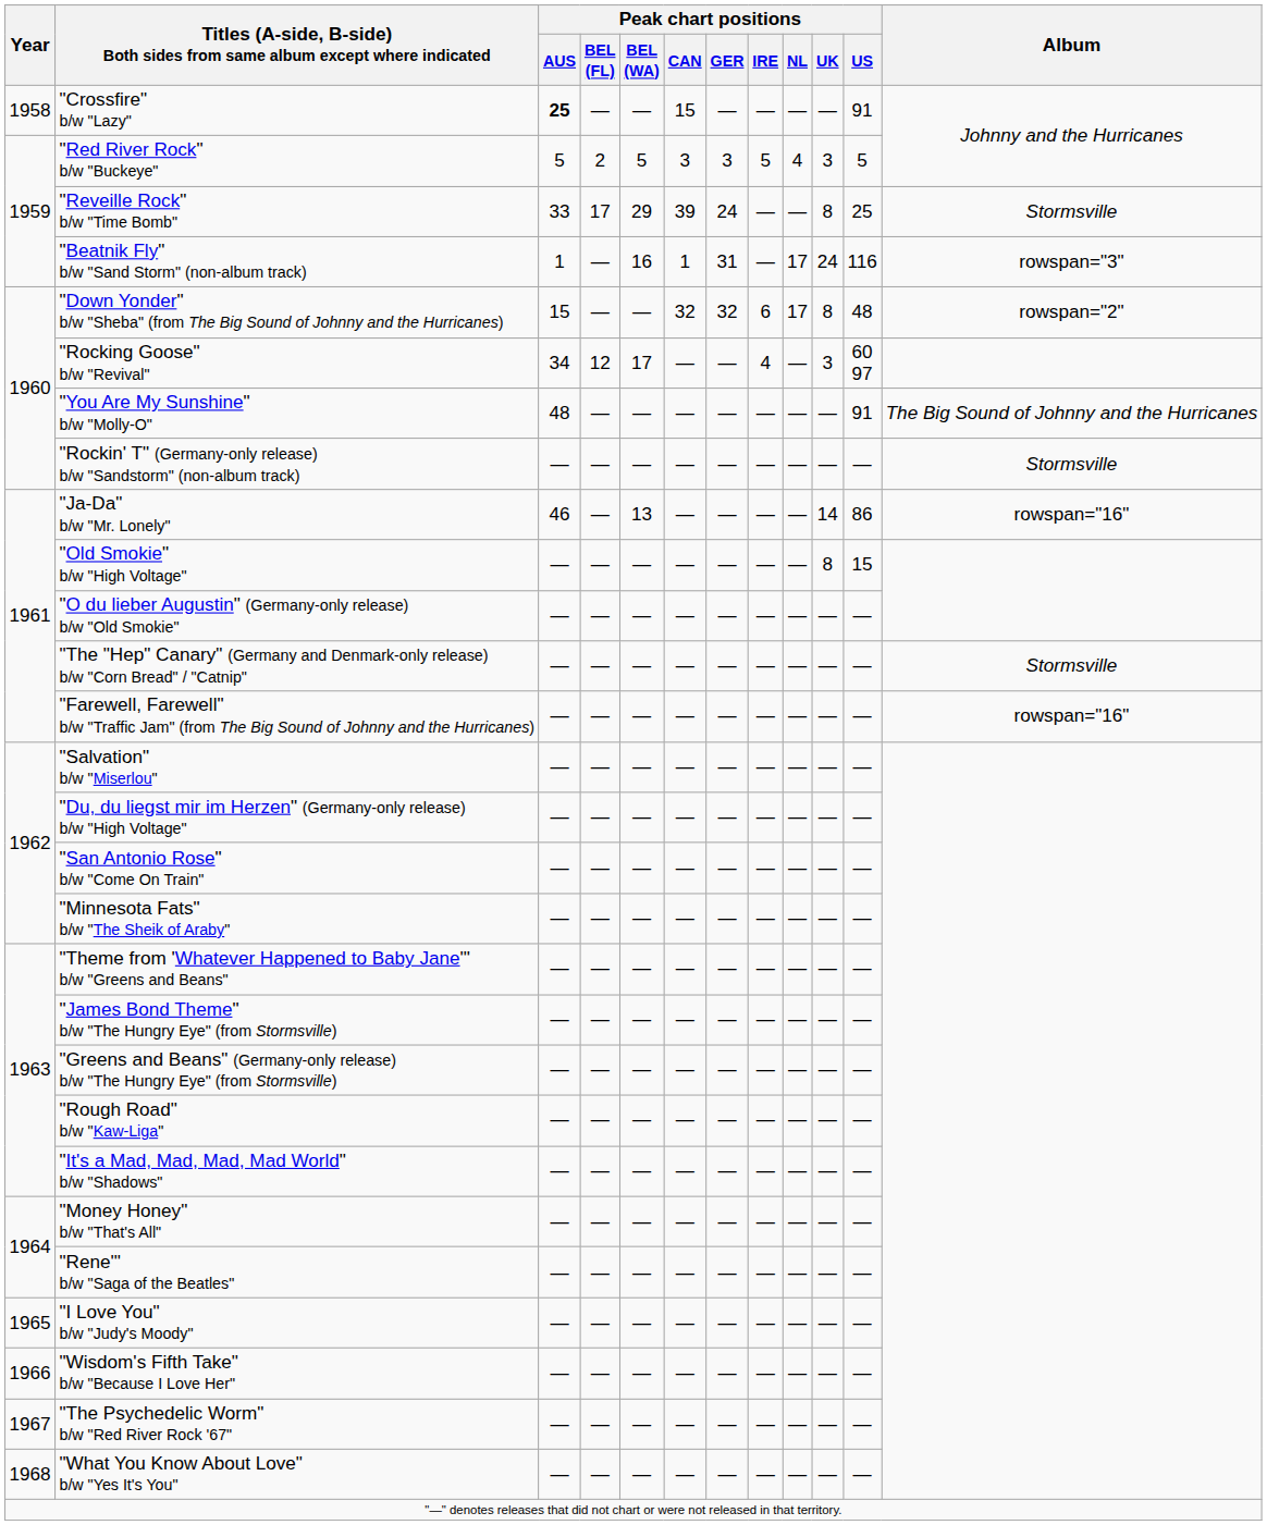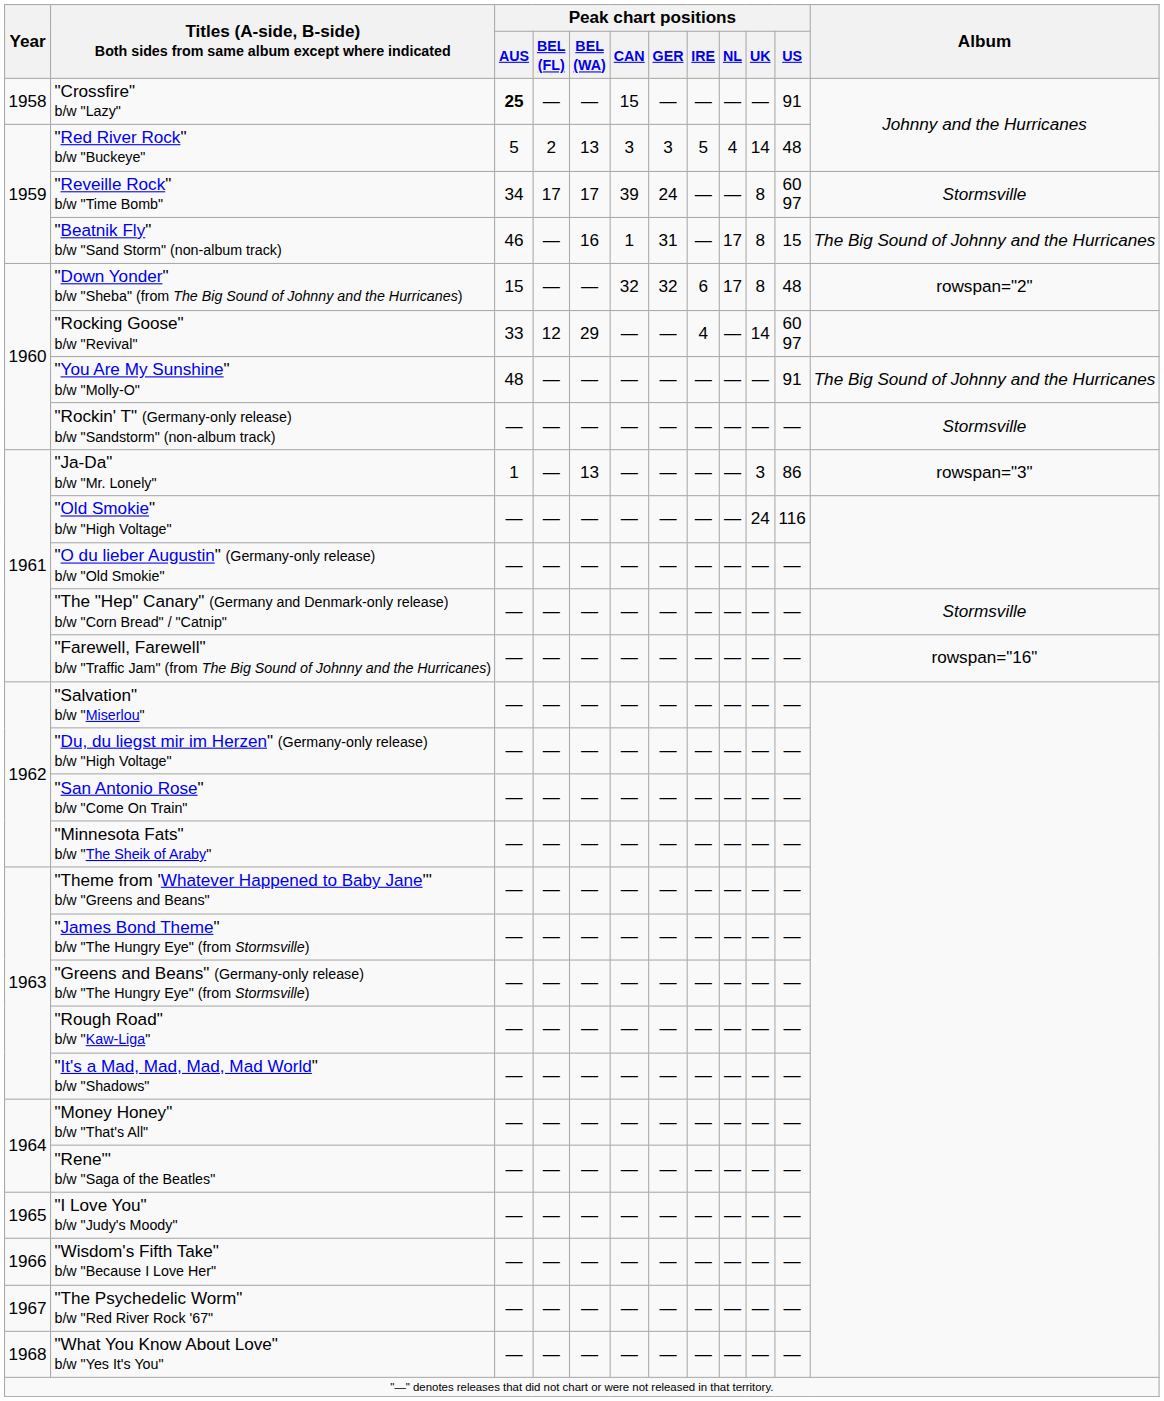 <table class="wikitable" style="text-align:center">
 <tr>
 <th rowspan="2">Year</th>
 <th rowspan="2">Titles (A-side, B-side)<br><small>Both sides from same album except where indicated</small></th>
 <th colspan="9">Peak chart positions</th>
 <th rowspan="2">Album</th>
 </tr>
 <tr>
 <th><small><a href='#'>AUS</a></small><br></th>
 <th><small><a href='#'>BEL<br>(FL)</a></small><br></th>
 <th><small><a href='#'>BEL<br>(WA)</a></small><br></th>
 <th><small><a href='#'>CAN</a></small><br></th>
 <th><small><a href='#'>GER</a></small><br></th>
 <th><small><a href='#'>IRE</a></small><br></th>
 <th><small><a href='#'>NL</a></small><br></th>
 <th><small><a href='#'>UK</a></small><br></th>
 <th><small><a href='#'>US</a></small><br></th>
 </tr>
 <tr>
 <td>1958</td>
 <td align="left">"Crossfire"<br><small>b/w "Lazy"</small></td>
 <td><strong>25</strong></td>
 <td>—</td>
 <td>—</td>
 <td>15</td>
 <td>—</td>
 <td>—</td>
 <td>—</td>
 <td align="center">—</td>
 <td>91</td>
 <td rowspan="2"><em>Johnny and the Hurricanes</em></td>
 </tr>
 <tr>
 <td rowspan="3">1959</td>
 <td align="left">"<a href='#'>Red River Rock</a>"<br><small>b/w "Buckeye"</small></td>
 <td>5</td>
 <td>2</td>
-<td>5</td>
+<td>13</td>
 <td>3</td>
 <td>3</td>
 <td>5</td>
 <td>4</td>
-<td align="center">3</td>
-<td>5</td>
+<td align="center">14</td>
+<td>48</td>
 </tr>
 <tr>
 <td align="left">"<a href='#'>Reveille Rock</a>"<br><small>b/w "Time Bomb"</small></td>
-<td>33</td>
+<td>34</td>
 <td>17</td>
-<td>29</td>
+<td>17</td>
 <td>39</td>
 <td>24</td>
 <td>—</td>
 <td>—</td>
 <td align="center">8</td>
-<td>25</td>
+<td>60<br>97</td>
 <td><em>Stormsville</em></td>
 </tr>
 <tr>
 <td align="left">"<a href='#'>Beatnik Fly</a>"<br><small>b/w "Sand Storm" (non-album track)</small></td>
-<td>1</td>
+<td>46</td>
 <td>—</td>
 <td>16</td>
 <td>1</td>
 <td>31</td>
 <td>—</td>
 <td>17</td>
-<td align="center">24</td>
-<td>116</td>
-<td>rowspan="3" </td>
+<td align="center">8</td>
+<td>15</td>
+<td><em>The Big Sound of Johnny and the Hurricanes</em></td>
 </tr>
 <tr>
 <td rowspan="4">1960</td>
 <td align="left">"<a href='#'>Down Yonder</a>"<br><small>b/w "Sheba" (from <em>The Big Sound of Johnny and the Hurricanes</em>)</small></td>
 <td>15</td>
 <td>—</td>
 <td>—</td>
 <td>32</td>
 <td>32</td>
 <td>6</td>
 <td>17</td>
 <td align="center">8</td>
 <td>48</td>
 <td>rowspan="2" </td>
 </tr>
 <tr>
 <td align="left">"Rocking Goose"<br><small>b/w "Revival"</small></td>
-<td>34</td>
+<td>33</td>
 <td>12</td>
-<td>17</td>
+<td>29</td>
 <td>—</td>
 <td>—</td>
 <td>4</td>
 <td>—</td>
-<td align="center">3</td>
+<td align="center">14</td>
 <td>60<br>97</td>
 </tr>
 <tr>
 <td align="left">"<a href='#'>You Are My Sunshine</a>"<br><small>b/w "Molly-O"</small></td>
 <td>48</td>
 <td>—</td>
 <td>—</td>
 <td>—</td>
 <td>—</td>
 <td>—</td>
 <td>—</td>
 <td align="center">—</td>
 <td>91</td>
 <td><em>The Big Sound of Johnny and the Hurricanes</em></td>
 </tr>
 <tr>
 <td align="left">"Rockin' T" <small>(Germany-only release)</small> <br><small>b/w "Sandstorm" (non-album track)</small></td>
 <td>—</td>
 <td>—</td>
 <td>—</td>
 <td>—</td>
 <td>—</td>
 <td>—</td>
 <td>—</td>
 <td align="center">—</td>
 <td>—</td>
 <td><em>Stormsville</em></td>
 </tr>
 <tr>
 <td rowspan="5">1961</td>
 <td align="left">"Ja-Da"<br><small>b/w "Mr. Lonely"</small></td>
-<td>46</td>
+<td>1</td>
 <td>—</td>
 <td>13</td>
 <td>—</td>
 <td>—</td>
 <td>—</td>
 <td>—</td>
-<td align="center">14</td>
+<td align="center">3</td>
 <td>86</td>
-<td>rowspan="16" </td>
+<td>rowspan="3" </td>
 </tr>
 <tr>
 <td align="left">"<a href='#'>Old Smokie</a>"<br><small>b/w "High Voltage"</small></td>
 <td>—</td>
 <td>—</td>
 <td>—</td>
 <td>—</td>
 <td>—</td>
 <td>—</td>
 <td>—</td>
-<td align="center">8</td>
-<td>15</td>
+<td align="center">24</td>
+<td>116</td>
 </tr>
 <tr>
 <td align="left">"<a href='#'>O du lieber Augustin</a>" <small>(Germany-only release)</small><br><small>b/w "Old Smokie"</small></td>
 <td>—</td>
 <td>—</td>
 <td>—</td>
 <td>—</td>
 <td>—</td>
 <td>—</td>
 <td>—</td>
 <td align="center">—</td>
 <td>—</td>
 </tr>
 <tr>
 <td align="left">"The "Hep" Canary" <small>(Germany and Denmark-only release)</small><br><small>b/w "Corn Bread" / "Catnip"</small></td>
 <td>—</td>
 <td>—</td>
 <td>—</td>
 <td>—</td>
 <td>—</td>
 <td>—</td>
 <td>—</td>
 <td align="center">—</td>
 <td>—</td>
 <td><em>Stormsville</em></td>
 </tr>
 <tr>
 <td align="left">"Farewell, Farewell"<br><small>b/w "Traffic Jam" (from <em>The Big Sound of Johnny and the Hurricanes</em>)</small></td>
 <td>—</td>
 <td>—</td>
 <td>—</td>
 <td>—</td>
 <td>—</td>
 <td>—</td>
 <td>—</td>
 <td align="center">—</td>
 <td>—</td>
 <td>rowspan="16" </td>
 </tr>
 <tr>
 <td rowspan="4">1962</td>
 <td align="left">"Salvation"<br><small>b/w "<a href='#'>Miserlou</a>"</small></td>
 <td>—</td>
 <td>—</td>
 <td>—</td>
 <td>—</td>
 <td>—</td>
 <td>—</td>
 <td>—</td>
 <td align="center">—</td>
 <td>—</td>
 </tr>
 <tr>
 <td align="left">"<a href='#'>Du, du liegst mir im Herzen</a>" <small>(Germany-only release)</small><br><small>b/w "High Voltage"</small></td>
 <td>—</td>
 <td>—</td>
 <td>—</td>
 <td>—</td>
 <td>—</td>
 <td>—</td>
 <td>—</td>
 <td align="center">—</td>
 <td>—</td>
 </tr>
 <tr>
 <td align="left">"<a href='#'>San Antonio Rose</a>"<br><small>b/w "Come On Train"</small></td>
 <td>—</td>
 <td>—</td>
 <td>—</td>
 <td>—</td>
 <td>—</td>
 <td>—</td>
 <td>—</td>
 <td align="center">—</td>
 <td>—</td>
 </tr>
 <tr>
 <td align="left">"Minnesota Fats"<br><small>b/w "<a href='#'>The Sheik of Araby</a>"</small></td>
 <td>—</td>
 <td>—</td>
 <td>—</td>
 <td>—</td>
 <td>—</td>
 <td>—</td>
 <td>—</td>
 <td align="center">—</td>
 <td>—</td>
 </tr>
 <tr>
 <td rowspan="5">1963</td>
 <td align="left">"Theme from '<a href='#'>Whatever Happened to Baby Jane</a>'"<br><small>b/w "Greens and Beans"</small></td>
 <td>—</td>
 <td>—</td>
 <td>—</td>
 <td>—</td>
 <td>—</td>
 <td>—</td>
 <td>—</td>
 <td align="center">—</td>
 <td>—</td>
 </tr>
 <tr>
 <td align="left">"<a href='#'>James Bond Theme</a>"<br><small>b/w "The Hungry Eye" (from <em>Stormsville</em>)</small></td>
 <td>—</td>
 <td>—</td>
 <td>—</td>
 <td>—</td>
 <td>—</td>
 <td>—</td>
 <td>—</td>
 <td align="center">—</td>
 <td>—</td>
 </tr>
 <tr>
 <td align="left">"Greens and Beans" <small>(Germany-only release)</small><br><small>b/w "The Hungry Eye" (from <em>Stormsville</em>)</small></td>
 <td>—</td>
 <td>—</td>
 <td>—</td>
 <td>—</td>
 <td>—</td>
 <td>—</td>
 <td>—</td>
 <td align="center">—</td>
 <td>—</td>
 </tr>
 <tr>
 <td align="left">"Rough Road"<br><small>b/w "<a href='#'>Kaw-Liga</a>"</small></td>
 <td>—</td>
 <td>—</td>
 <td>—</td>
 <td>—</td>
 <td>—</td>
 <td>—</td>
 <td>—</td>
 <td>—</td>
 <td>—</td>
 </tr>
 <tr>
 <td align="left">"<a href='#'>It's a Mad, Mad, Mad, Mad World</a>"<br><small>b/w "Shadows"</small></td>
 <td>—</td>
 <td>—</td>
 <td>—</td>
 <td>—</td>
 <td>—</td>
 <td>—</td>
 <td>—</td>
 <td align="center">—</td>
 <td>—</td>
 </tr>
 <tr>
 <td rowspan="2">1964</td>
 <td align="left">"Money Honey"<br><small>b/w "That's All"</small></td>
 <td>—</td>
 <td>—</td>
 <td>—</td>
 <td>—</td>
 <td>—</td>
 <td>—</td>
 <td>—</td>
 <td align="center">—</td>
 <td>—</td>
 </tr>
 <tr>
 <td align="left">"Rene'"<br><small>b/w "Saga of the Beatles"</small></td>
 <td>—</td>
 <td>—</td>
 <td>—</td>
 <td>—</td>
 <td>—</td>
 <td>—</td>
 <td>—</td>
 <td align="center">—</td>
 <td>—</td>
 </tr>
 <tr>
 <td>1965</td>
 <td align="left">"I Love You"<br><small>b/w "Judy's Moody"</small></td>
 <td>—</td>
 <td>—</td>
 <td>—</td>
 <td>—</td>
 <td>—</td>
 <td>—</td>
 <td>—</td>
 <td align="center">—</td>
 <td>—</td>
 </tr>
 <tr>
 <td>1966</td>
 <td align="left">"Wisdom's Fifth Take"<br><small>b/w "Because I Love Her"</small></td>
 <td>—</td>
 <td>—</td>
 <td>—</td>
 <td>—</td>
 <td>—</td>
 <td>—</td>
 <td>—</td>
 <td align="center">—</td>
 <td>—</td>
 </tr>
 <tr>
 <td>1967</td>
 <td align="left">"The Psychedelic Worm"<br><small>b/w "Red River Rock '67"</small></td>
 <td>—</td>
 <td>—</td>
 <td>—</td>
 <td>—</td>
 <td>—</td>
 <td>—</td>
 <td>—</td>
 <td align="center">—</td>
 <td>—</td>
 </tr>
 <tr>
 <td>1968</td>
 <td align="left">"What You Know About Love"<br><small>b/w "Yes It's You"</small></td>
 <td>—</td>
 <td>—</td>
 <td>—</td>
 <td>—</td>
 <td>—</td>
 <td>—</td>
 <td>—</td>
 <td align="center">—</td>
 <td>—</td>
 </tr>
 <tr>
 <td colspan="12" style="font-size:8pt">"—" denotes releases that did not chart or were not released in that territory.</td>
 </tr>
 </table>
